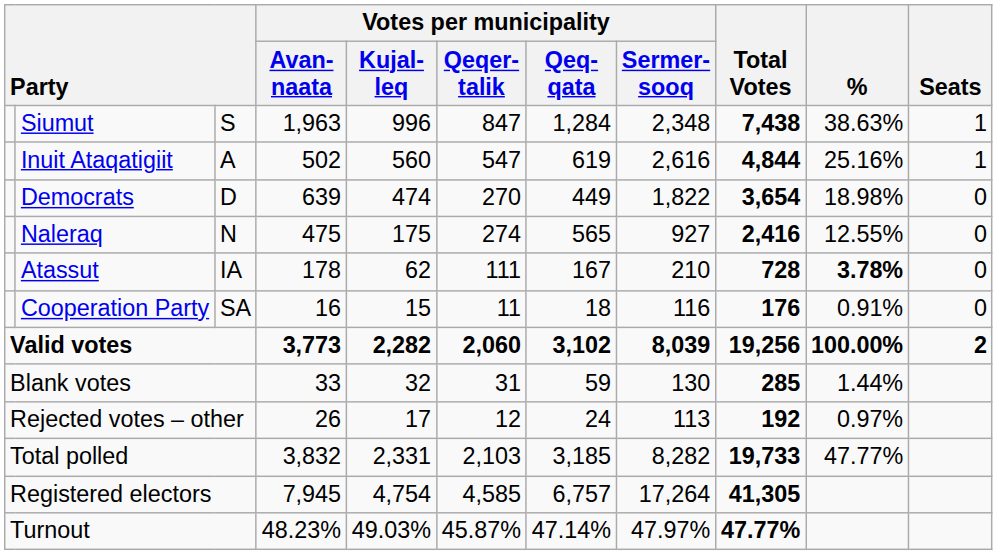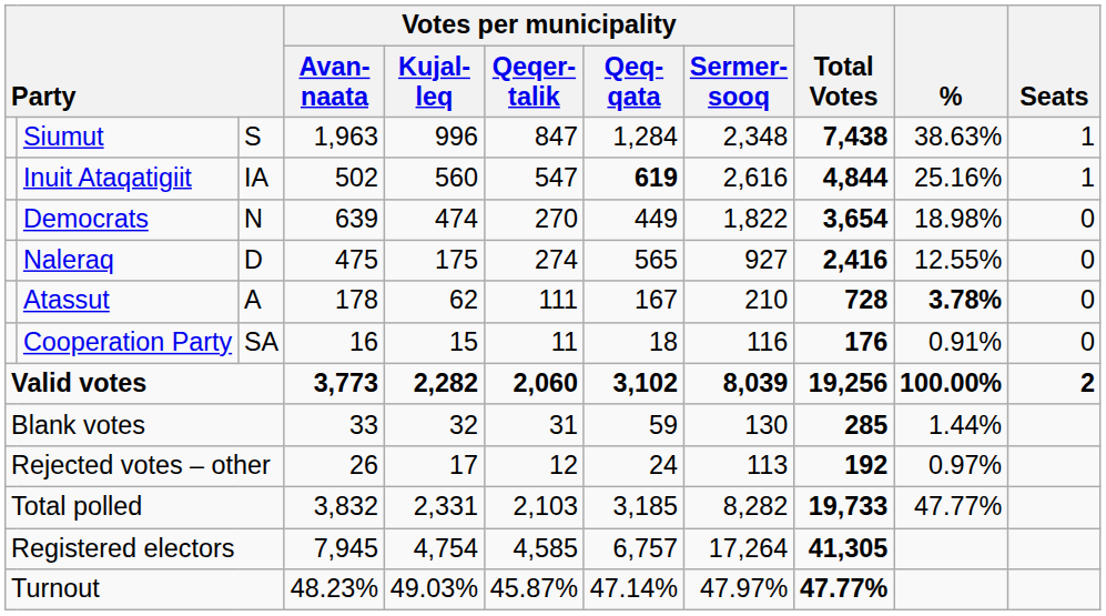 <table class="wikitable" border="1" style="text-align:right;">
 <tr>
 <th style="text-align:left;" valign=bottom rowspan=2 colspan=3>Party</th>
 <th colspan=5>Votes per municipality</th>
 <th align=center valign=bottom rowspan=2 width="50">Total Votes</th>
 <th align=center valign=bottom rowspan=2 width="50">%</th>
 <th align=center valign=bottom rowspan=2 width="50">Seats</th>
 </tr>
 <tr>
 <th align=center valign=bottom width="50"><a href='#'>Avan- naata</a></th>
 <th align=center valign=bottom width="50"><a href='#'>Kujal- leq</a></th>
 <th align=center valign=bottom width="50"><a href='#'>Qeqer- talik</a></th>
 <th align=center valign=bottom width="50"><a href='#'>Qeq- qata</a></th>
 <th align=center valign=bottom width="50"><a href='#'>Sermer- sooq</a></th>
 </tr>
 <tr>
 <td></td>
 <td align=left><a href='#'>Siumut</a></td>
 <td align=left>S</td>
 <td>1,963</td>
 <td>996</td>
 <td>847</td>
 <td>1,284</td>
 <td>2,348</td>
 <td><strong>7,438</strong></td>
 <td>38.63%</td>
 <td>1</td>
 </tr>
 <tr>
 <td></td>
 <td align=left><a href='#'>Inuit Ataqatigiit</a></td>
-<td align=left>A</td>
+<td align=left>IA</td>
 <td>502</td>
 <td>560</td>
 <td>547</td>
-<td>619</td>
+<td><strong>619</strong></td>
 <td>2,616</td>
 <td><strong>4,844</strong></td>
 <td>25.16%</td>
 <td>1</td>
 </tr>
 <tr>
 <td></td>
 <td align=left><a href='#'>Democrats</a></td>
-<td align=left>D</td>
+<td align=left>N</td>
 <td>639</td>
 <td>474</td>
 <td>270</td>
 <td>449</td>
 <td>1,822</td>
 <td><strong>3,654</strong></td>
 <td>18.98%</td>
 <td>0</td>
 </tr>
 <tr>
 <td></td>
 <td align=left><a href='#'>Naleraq</a></td>
-<td align=left>N</td>
+<td align=left>D</td>
 <td>475</td>
 <td>175</td>
 <td>274</td>
 <td>565</td>
 <td>927</td>
 <td><strong>2,416</strong></td>
 <td>12.55%</td>
 <td>0</td>
 </tr>
 <tr>
 <td></td>
 <td align=left><a href='#'>Atassut</a></td>
-<td align=left>IA</td>
+<td align=left>A</td>
 <td>178</td>
 <td>62</td>
 <td>111</td>
 <td>167</td>
 <td>210</td>
 <td><strong>728</strong></td>
 <td><strong>3.78%</strong></td>
 <td>0</td>
 </tr>
 <tr>
 <td></td>
 <td align=left><a href='#'>Cooperation Party</a></td>
 <td align=left>SA</td>
 <td>16</td>
 <td>15</td>
 <td>11</td>
 <td>18</td>
 <td>116</td>
 <td><strong>176</strong></td>
 <td>0.91%</td>
 <td>0</td>
 </tr>
 <tr style="font-weight:bold">
 <td align=left colspan=3>Valid votes</td>
 <td>3,773</td>
 <td>2,282</td>
 <td>2,060</td>
 <td>3,102</td>
 <td>8,039</td>
 <td>19,256</td>
 <td>100.00%</td>
 <td>2</td>
 </tr>
 <tr>
 <td align=left colspan=3>Blank votes</td>
 <td>33</td>
 <td>32</td>
 <td>31</td>
 <td>59</td>
 <td>130</td>
 <td><strong>285</strong></td>
 <td>1.44%</td>
 <td></td>
 </tr>
 <tr>
 <td align=left colspan=3>Rejected votes – other</td>
 <td>26</td>
 <td>17</td>
 <td>12</td>
 <td>24</td>
 <td>113</td>
 <td><strong>192</strong></td>
 <td>0.97%</td>
 <td></td>
 </tr>
 <tr>
 <td align=left colspan=3>Total polled</td>
 <td>3,832</td>
 <td>2,331</td>
 <td>2,103</td>
 <td>3,185</td>
 <td>8,282</td>
 <td><strong>19,733</strong></td>
 <td>47.77%</td>
 <td></td>
 </tr>
 <tr>
 <td align=left colspan=3>Registered electors</td>
 <td>7,945</td>
 <td>4,754</td>
 <td>4,585</td>
 <td>6,757</td>
 <td>17,264</td>
 <td><strong>41,305</strong></td>
 <td></td>
 <td></td>
 </tr>
 <tr>
 <td align=left colspan=3>Turnout</td>
 <td>48.23%</td>
 <td>49.03%</td>
 <td>45.87%</td>
 <td>47.14%</td>
 <td>47.97%</td>
 <td><strong>47.77%</strong></td>
 <td></td>
 <td></td>
 </tr>
 </table>
